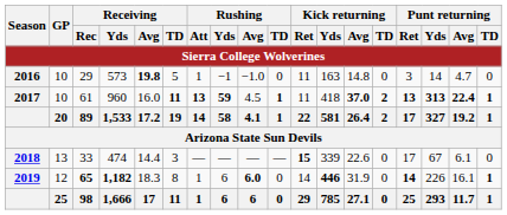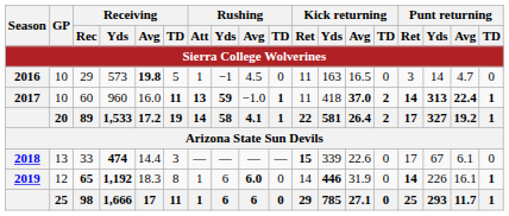 <table class=wikitable style="text-align:center;">
 <tr>
 <th rowspan="2">Season</th>
 <th rowspan="2">GP</th>
 <th colspan="4">Receiving</th>
 <th colspan="4">Rushing</th>
 <th colspan="4">Kick returning</th>
 <th colspan="4">Punt returning</th>
 </tr>
 <tr>
 <th>Rec</th>
 <th>Yds</th>
 <th>Avg</th>
 <th>TD</th>
 <th>Att</th>
 <th>Yds</th>
 <th>Avg</th>
 <th>TD</th>
 <th>Ret</th>
 <th>Yds</th>
 <th>Avg</th>
 <th>TD</th>
 <th>Ret</th>
 <th>Yds</th>
 <th>Avg</th>
 <th>TD</th>
 </tr>
 <tr>
 <th colspan="18" style="background-color: #AF2124; color: #FFFFFF; box-shadow: inset 2px 2px 0 #FFFFFF, inset −2px −2px 0 #FFFFFF;">Sierra College Wolverines</th>
 </tr>
 <tr>
 <th>2016</th>
 <td>10</td>
 <td>29</td>
 <td>573</td>
 <td><strong>19.8</strong></td>
 <td>5</td>
 <td>1</td>
 <td>−1</td>
-<td>−1.0</td>
+<td>4.5</td>
 <td>0</td>
 <td>11</td>
 <td>163</td>
-<td>14.8</td>
+<td>16.5</td>
 <td>0</td>
 <td>3</td>
 <td>14</td>
 <td>4.7</td>
 <td>0</td>
 </tr>
 <tr>
 <th>2017</th>
 <td>10</td>
-<td>61</td>
+<td>60</td>
 <td>960</td>
 <td>16.0</td>
 <td><strong>11</strong></td>
 <td><strong>13</strong></td>
 <td><strong>59</strong></td>
-<td>4.5</td>
+<td>−1.0</td>
 <td><strong>1</strong></td>
 <td>11</td>
 <td>418</td>
 <td><strong>37.0</strong></td>
 <td><strong>2</strong></td>
-<td><strong>13</strong></td>
+<td><strong>14</strong></td>
 <td><strong>313</strong></td>
 <td><strong>22.4</strong></td>
 <td><strong>1</strong></td>
 </tr>
 <tr>
 <th></th>
 <th>20</th>
 <th>89</th>
 <th>1,533</th>
 <th>17.2</th>
 <th>19</th>
 <th>14</th>
 <th>58</th>
 <th>4.1</th>
 <th>1</th>
 <th>22</th>
 <th>581</th>
 <th>26.4</th>
 <th>2</th>
 <th>17</th>
 <th>327</th>
 <th>19.2</th>
 <th>1</th>
 </tr>
 <tr>
 <th colspan="18">Arizona State Sun Devils</th>
 </tr>
 <tr>
 <th><a href='#'>2018</a></th>
 <td>13</td>
 <td>33</td>
-<td>474</td>
+<td><strong>474</strong></td>
 <td>14.4</td>
 <td>3</td>
 <td>—</td>
 <td>—</td>
 <td>—</td>
 <td>—</td>
 <td><strong>15</strong></td>
 <td>339</td>
 <td>22.6</td>
 <td>0</td>
 <td>17</td>
 <td>67</td>
 <td>6.1</td>
 <td>0</td>
 </tr>
 <tr>
 <th><a href='#'>2019</a></th>
 <td>12</td>
 <td><strong>65</strong></td>
-<td><strong>1,182</strong></td>
+<td><strong>1,192</strong></td>
 <td>18.3</td>
 <td>8</td>
 <td>1</td>
 <td>6</td>
 <td><strong>6.0</strong></td>
 <td>0</td>
 <td>14</td>
 <td><strong>446</strong></td>
 <td>31.9</td>
 <td>0</td>
 <td><strong>14</strong></td>
 <td>226</td>
 <td>16.1</td>
 <td><strong>1</strong></td>
 </tr>
 <tr>
 <th></th>
 <th>25</th>
 <th>98</th>
 <th>1,666</th>
 <th>17</th>
 <th>11</th>
 <th>1</th>
 <th>6</th>
 <th>6</th>
 <th>0</th>
 <th>29</th>
 <th>785</th>
 <th>27.1</th>
 <th>0</th>
 <th>25</th>
 <th>293</th>
 <th>11.7</th>
 <th>1</th>
 </tr>
 </table>
